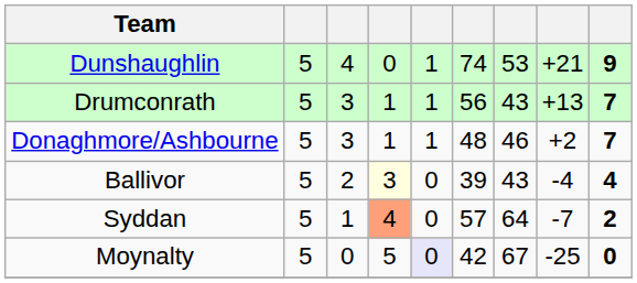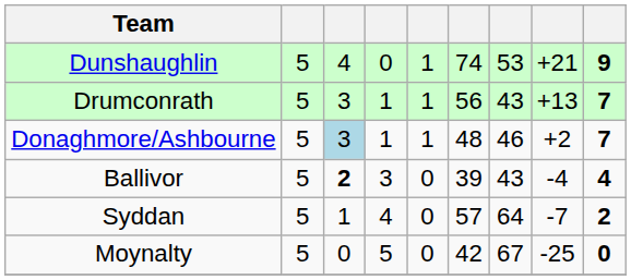 <table class="wikitable" style="text-align:center">
 <tr>
 <th width="175">Team</th>
 <th width="20"></th>
 <th width="20"></th>
 <th width="20"></th>
 <th width="20"></th>
 <th width="20"></th>
 <th width="20"></th>
 <th width="20"></th>
 <th width="20"></th>
 </tr>
 <tr style="background:#cfc;">
 <td><a href='#'>Dunshaughlin</a></td>
 <td>5</td>
 <td>4</td>
 <td>0</td>
 <td>1</td>
 <td>74</td>
 <td>53</td>
 <td>+21</td>
 <td><strong>9</strong></td>
 </tr>
 <tr style="background:#cfc;">
 <td>Drumconrath</td>
 <td>5</td>
 <td>3</td>
 <td>1</td>
 <td>1</td>
 <td>56</td>
 <td>43</td>
 <td>+13</td>
 <td><strong>7</strong></td>
 </tr>
 <tr>
 <td><a href='#'>Donaghmore/Ashbourne</a></td>
 <td>5</td>
-<td>3</td>
+<td style="background: lightblue;">3</td>
 <td>1</td>
 <td>1</td>
 <td>48</td>
 <td>46</td>
 <td>+2</td>
 <td><strong>7</strong></td>
 </tr>
 <tr>
 <td>Ballivor</td>
 <td>5</td>
-<td>2</td>
-<td style="background: lightyellow;">3</td>
+<td><strong>2</strong></td>
+<td>3</td>
 <td>0</td>
 <td>39</td>
 <td>43</td>
 <td>-4</td>
 <td><strong>4</strong></td>
 </tr>
 <tr>
 <td>Syddan</td>
 <td>5</td>
 <td>1</td>
-<td style="background: lightsalmon;">4</td>
+<td>4</td>
 <td>0</td>
 <td>57</td>
 <td>64</td>
 <td>-7</td>
 <td><strong>2</strong></td>
 </tr>
 <tr>
 <td>Moynalty</td>
 <td>5</td>
 <td>0</td>
 <td>5</td>
-<td style="background: lavender;">0</td>
+<td>0</td>
 <td>42</td>
 <td>67</td>
 <td>-25</td>
 <td><strong>0</strong></td>
 </tr>
 <tr>
 </tr>
 </table>
